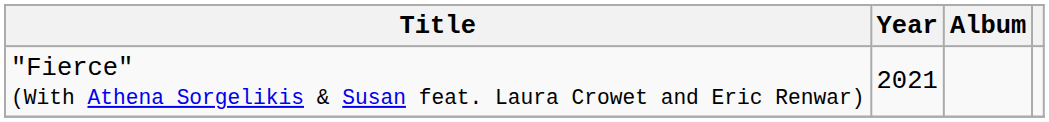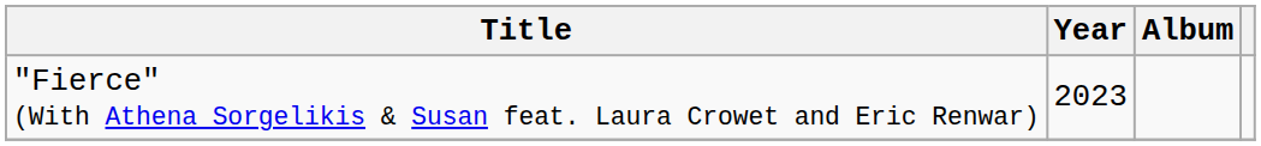 <table class="wikitable plainrowheaders sortable">
 <tr>
 <th>Title</th>
 <th>Year</th>
 <th>Album</th>
 <th style="text-align: center;" class="unsortable"></th>
 </tr>
 <tr>
 <td>"Fierce"<br><small>(With <a href='#'>Athena Sorgelikis</a> & <a href='#'>Susan</a> feat. Laura Crowet and Eric Renwar)</small></td>
-<td>2021</td>
+<td>2023</td>
 <td></td>
 <td></td>
 </tr>
 <tr>
 </tr>
 </table>
